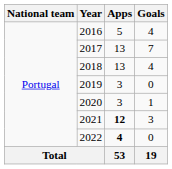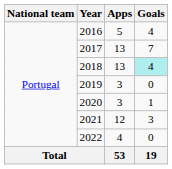 <table class="wikitable" style="text-align:center">
 <tr>
 <th>National team</th>
 <th>Year</th>
 <th>Apps</th>
 <th>Goals</th>
 </tr>
 <tr>
 <td rowspan="7"><a href='#'>Portugal</a></td>
 <td>2016</td>
 <td>5</td>
 <td>4</td>
 </tr>
 <tr>
 <td>2017</td>
 <td>13</td>
 <td>7</td>
 </tr>
 <tr>
 <td>2018</td>
 <td>13</td>
-<td>4</td>
+<td style="background: paleturquoise;">4</td>
 </tr>
 <tr>
 <td>2019</td>
 <td>3</td>
 <td>0</td>
 </tr>
 <tr>
 <td>2020</td>
 <td>3</td>
 <td>1</td>
 </tr>
 <tr>
 <td>2021</td>
-<td><strong>12</strong></td>
+<td>12</td>
 <td>3</td>
 </tr>
 <tr>
 <td>2022</td>
-<td><strong>4</strong></td>
+<td>4</td>
 <td>0</td>
 </tr>
 <tr>
 <th colspan="2">Total</th>
 <th>53</th>
 <th>19</th>
 </tr>
 </table>
